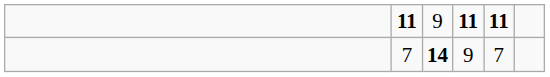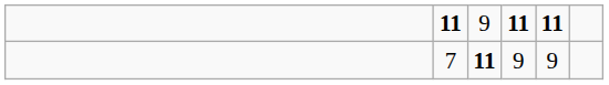 <table class="wikitable">
 <tr>
 <td style="width:18em"><strong></strong></td>
 <td align=center style="width:1em"><strong>11</strong></td>
 <td align=center style="width:1em">9</td>
 <td align=center style="width:1em"><strong>11</strong></td>
 <td align=center style="width:1em"><strong>11</strong></td>
 <td align=center style="width:1em"></td>
 </tr>
 <tr>
 <td style="width:18em"></td>
 <td align=center style="width:1em">7</td>
-<td align=center style="width:1em"><strong>14</strong></td>
+<td align=center style="width:1em"><strong>11</strong></td>
 <td align=center style="width:1em">9</td>
-<td align=center style="width:1em">7</td>
+<td align=center style="width:1em">9</td>
 <td align=center style="width:1em"></td>
 </tr>
 </table>
